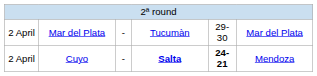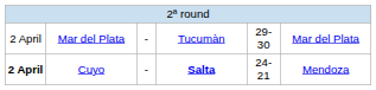 <table class="wikitable" style="text-align:center">
 <tr style="background:#cadff0;">
 <td style="text-align:center;" colspan="6">2ª round</td>
 </tr>
 <tr style="background:#fff;">
 <td width=50>2 April</td>
 <td width=120><a href='#'>Mar del Plata</a></td>
 <td width=20>-</td>
 <td width=120><a href='#'>Tucumàn</a></td>
 <td width=40>29-30</td>
 <td width=120><a href='#'>Mar del Plata</a></td>
 </tr>
 <tr style="background:#fff;">
-<td width=50>2 April</td>
+<td width=50><strong>2 April</strong></td>
 <td width=120><a href='#'>Cuyo</a></td>
 <td width=20>-</td>
 <td width=120><strong><a href='#'>Salta</a></strong></td>
-<td width=40><strong>24-21</strong></td>
+<td width=40>24-21</td>
 <td width=120><a href='#'>Mendoza</a></td>
 </tr>
 </table>
